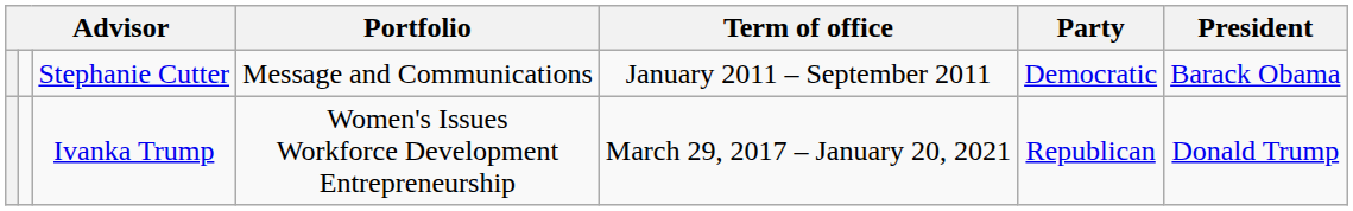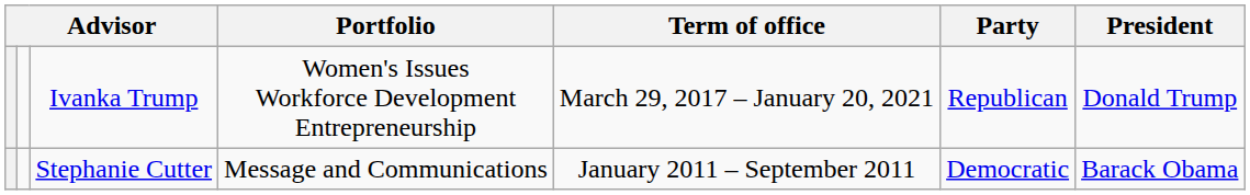 <table class="wikitable" style="text-align:center">
 <tr>
 <th colspan="3">Advisor</th>
 <th>Portfolio</th>
 <th>Term of office</th>
 <th>Party</th>
 <th>President</th>
 </tr>
 <tr>
 <th style="background:"></th>
 <td></td>
+<td><a href='#'>Ivanka Trump</a> <br></td>
+<td>Women's Issues<br>Workforce Development<br>Entrepreneurship</td>
+<td>March 29, 2017 – January 20, 2021</td>
+<td><a href='#'>Republican</a></td>
+<td><a href='#'>Donald Trump</a></td>
+</tr>
+<tr>
+<th style="background:"></th>
+<td></td>
 <td><a href='#'>Stephanie Cutter</a><br></td>
 <td>Message and Communications</td>
 <td>January 2011 – September 2011</td>
 <td><a href='#'>Democratic</a></td>
 <td><a href='#'>Barack Obama</a></td>
 </tr>
-<tr>
-<th style="background:"></th>
-<td></td>
-<td><a href='#'>Ivanka Trump</a> <br></td>
-<td>Women's Issues<br>Workforce Development<br>Entrepreneurship</td>
-<td>March 29, 2017 – January 20, 2021</td>
-<td><a href='#'>Republican</a></td>
-<td><a href='#'>Donald Trump</a></td>
-</tr>
 </table>
